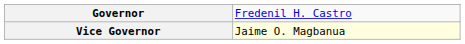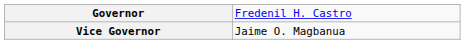 <table class="wikitable" style="width: 550px;">
 <tr>
 <th scope="row" style="width: 40%;">Governor</th>
 <td style="width: 40%;"><a href='#'>Fredenil H. Castro</a></td>
 </tr>
 <tr>
 <th scope="row">Vice Governor</th>
-<td style="background: lightyellow;">Jaime O. Magbanua</td>
+<td>Jaime O. Magbanua</td>
 </tr>
 </table>
